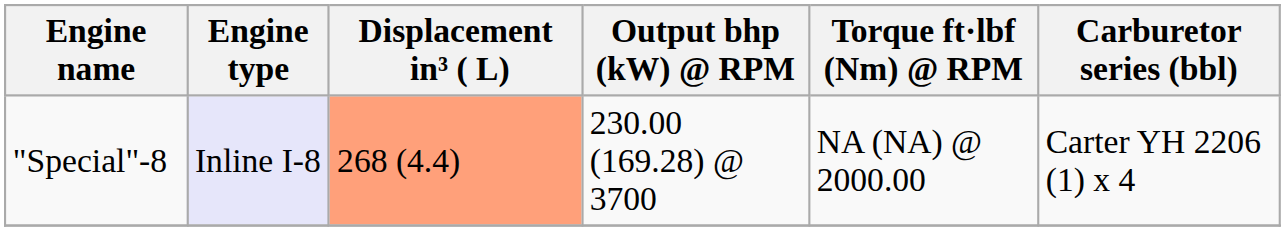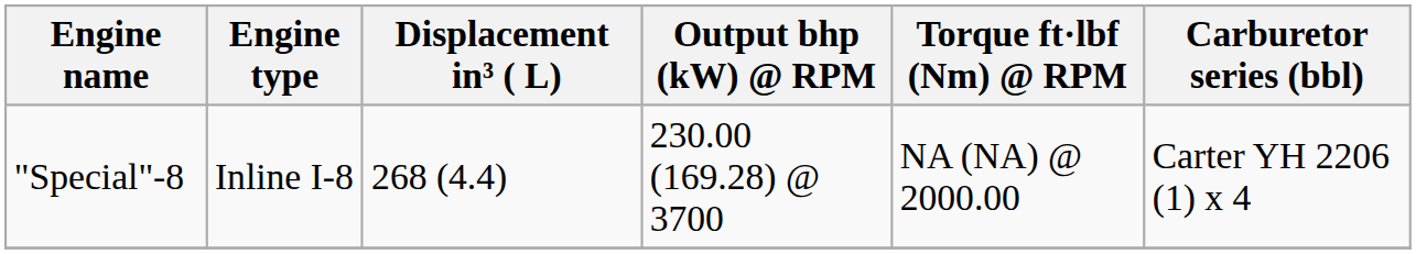 <table class="wikitable">
 <tr style="background:#CCCCCC;">
 <th>Engine name</th>
 <th>Engine type</th>
 <th>Displacement  in³ ( L)</th>
 <th>Output bhp (kW) @ RPM</th>
 <th>Torque ft·lbf (Nm) @ RPM</th>
 <th>Carburetor series (bbl)</th>
 </tr>
 <tr>
 <td>"Special"-8</td>
-<td style="background: lavender;">Inline I-8</td>
-<td style="background: lightsalmon;">268 (4.4)</td>
+<td>Inline I-8</td>
+<td>268 (4.4)</td>
 <td>230.00 (169.28) @ 3700</td>
 <td>NA (NA) @ 2000.00</td>
 <td>Carter YH 2206 (1) x 4</td>
 </tr>
 <tr>
 </tr>
 </table>
